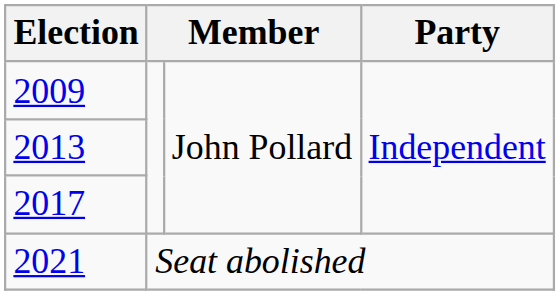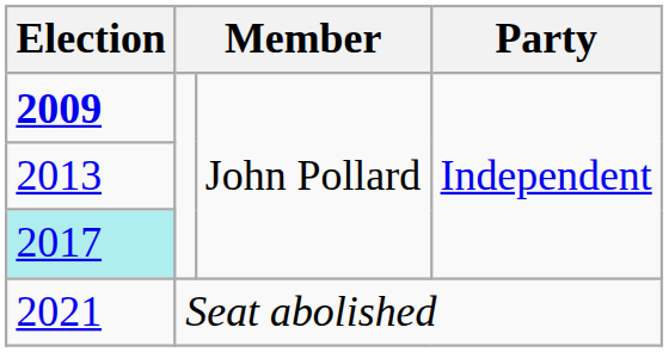 <table class="wikitable">
 <tr>
 <th>Election</th>
 <th colspan="2">Member</th>
 <th>Party</th>
 </tr>
 <tr>
-<td><a href='#'>2009</a></td>
+<td><strong><a href='#'>2009</a></strong></td>
 <td rowspan="3" style="background-color: "></td>
 <td rowspan="3">John Pollard</td>
 <td rowspan="3"><a href='#'>Independent</a></td>
 </tr>
 <tr>
 <td><a href='#'>2013</a></td>
 </tr>
 <tr>
-<td><a href='#'>2017</a></td>
+<td style="background: paleturquoise;"><a href='#'>2017</a></td>
 </tr>
 <tr>
 <td><a href='#'>2021</a></td>
 <td colspan="3"><em>Seat abolished</em></td>
 </tr>
 </table>
